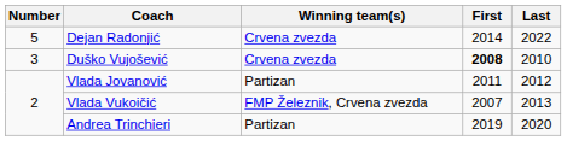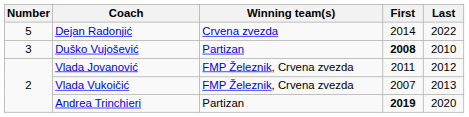 <table class="wikitable">
 <tr>
 <th>Number</th>
 <th style="width:200px">Coach</th>
 <th style="width:250px">Winning team(s)</th>
 <th style="width:50px">First</th>
 <th style="width:50px">Last</th>
 </tr>
 <tr>
 <td style="text-align:center;">5</td>
 <td> <a href='#'>Dejan Radonjić</a></td>
 <td><a href='#'>Crvena zvezda</a></td>
 <td style="text-align:center;">2014</td>
 <td style="text-align:center;">2022</td>
 </tr>
 <tr>
 <td style="text-align:center;">3</td>
 <td> <a href='#'>Duško Vujošević</a></td>
-<td><a href='#'>Crvena zvezda</a></td>
+<td><a href='#'>Partizan</a></td>
 <td style="text-align:center;"><strong>2008</strong></td>
 <td style="text-align:center;">2010</td>
 </tr>
 <tr>
 <td rowspan="3" style="text-align:center;">2</td>
 <td> <a href='#'>Vlada Jovanović</a></td>
-<td>Partizan</td>
+<td><a href='#'>FMP Železnik</a>, Crvena zvezda</td>
 <td style="text-align:center;">2011</td>
 <td style="text-align:center;">2012</td>
 </tr>
 <tr>
 <td> <a href='#'>Vlada Vukoičić</a></td>
 <td><a href='#'>FMP Železnik</a>, Crvena zvezda</td>
 <td style="text-align:center;">2007</td>
 <td style="text-align:center;">2013</td>
 </tr>
 <tr>
 <td> <a href='#'>Andrea Trinchieri</a></td>
 <td>Partizan</td>
-<td style="text-align:center;">2019</td>
+<td style="text-align:center;"><strong>2019</strong></td>
 <td style="text-align:center;">2020</td>
 </tr>
 </table>
